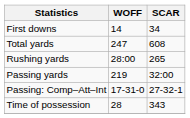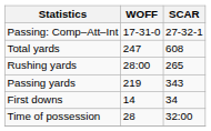 <table class="wikitable" style="float: left;">
 <tr>
 <th>Statistics</th>
 <th>WOFF</th>
 <th>SCAR</th>
 </tr>
 <tr>
-<td>First downs</td>
-<td>14</td>
-<td>34</td>
+<td>Passing: Comp–Att–Int</td>
+<td>17-31-0</td>
+<td>27-32-1</td>
 </tr>
 <tr>
 <td>Total yards</td>
 <td>247</td>
 <td>608</td>
 </tr>
 <tr>
 <td>Rushing yards</td>
 <td>28:00</td>
 <td>265</td>
 </tr>
 <tr>
 <td>Passing yards</td>
 <td>219</td>
-<td>32:00</td>
+<td>343</td>
 </tr>
 <tr>
-<td>Passing: Comp–Att–Int</td>
-<td>17-31-0</td>
-<td>27-32-1</td>
+<td>First downs</td>
+<td>14</td>
+<td>34</td>
 </tr>
 <tr>
 <td>Time of possession</td>
 <td>28</td>
-<td>343</td>
+<td>32:00</td>
 </tr>
 <tr>
 </tr>
 </table>
